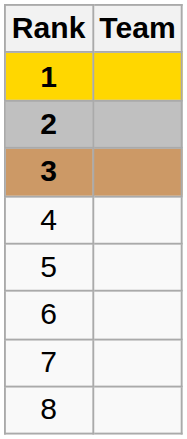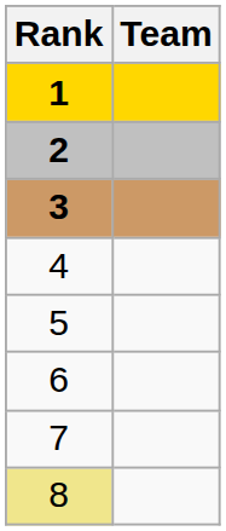 <table class="wikitable" style="text-align:center">
 <tr>
 <th>Rank</th>
 <th>Team</th>
 </tr>
 <tr style="background:gold;">
 <td><strong>1</strong></td>
 <td align="left"></td>
 </tr>
 <tr style="background:silver;">
 <td><strong>2</strong></td>
 <td align="left"></td>
 </tr>
 <tr style="background:#c96;">
 <td><strong>3</strong></td>
 <td align="left"></td>
 </tr>
 <tr>
 <td>4</td>
 <td align="left"></td>
 </tr>
 <tr>
 <td>5</td>
 <td align="left"></td>
 </tr>
 <tr>
 <td>6</td>
 <td align="left"></td>
 </tr>
 <tr>
 <td>7</td>
 <td align="left"></td>
 </tr>
 <tr>
-<td>8</td>
+<td style="background: khaki;">8</td>
 <td align="left"></td>
 </tr>
 </table>
